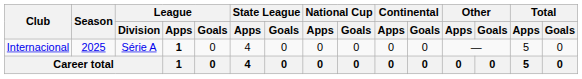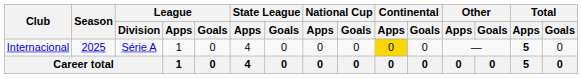 <table class="wikitable" style="text-align:center">
 <tr>
 <th rowspan="2">Club</th>
 <th rowspan="2">Season</th>
 <th colspan="3">League</th>
 <th colspan="2">State League</th>
 <th colspan="2">National Cup</th>
 <th colspan="2">Continental</th>
 <th colspan="2">Other</th>
 <th colspan="2">Total</th>
 </tr>
 <tr>
 <th>Division</th>
 <th>Apps</th>
 <th>Goals</th>
 <th>Apps</th>
 <th>Goals</th>
 <th>Apps</th>
 <th>Goals</th>
 <th>Apps</th>
 <th>Goals</th>
 <th>Apps</th>
 <th>Goals</th>
 <th>Apps</th>
 <th>Goals</th>
 </tr>
 <tr>
 <td><a href='#'>Internacional</a></td>
 <td><a href='#'>2025</a></td>
 <td><a href='#'>Série A</a></td>
-<td><strong>1</strong></td>
+<td>1</td>
 <td>0</td>
 <td>4</td>
 <td>0</td>
 <td>0</td>
 <td>0</td>
-<td>0</td>
+<td style="background: gold;">0</td>
 <td>0</td>
 <td colspan="2">—</td>
-<td>5</td>
+<td><strong>5</strong></td>
 <td>0</td>
 </tr>
 <tr>
 <th colspan="3">Career total</th>
 <th>1</th>
 <th>0</th>
 <th>4</th>
 <th>0</th>
 <th>0</th>
 <th>0</th>
 <th>0</th>
 <th>0</th>
 <th>0</th>
 <th>0</th>
 <th>5</th>
 <th>0</th>
 </tr>
 </table>
